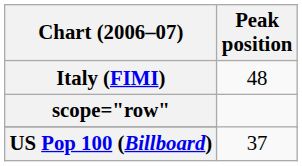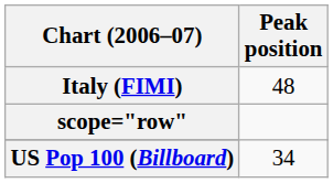 <table class="wikitable sortable plainrowheaders" style="text-align:center">
 <tr>
 <th scope="col">Chart (2006–07)</th>
 <th scope="col">Peak<br>position</th>
 </tr>
 <tr>
 <th scope="row">Italy (<a href='#'>FIMI</a>)</th>
 <td align="center">48</td>
 </tr>
 <tr>
 <th>scope="row" </th>
 </tr>
 <tr>
 </tr>
 <tr>
 <th scope="row">US <a href='#'>Pop 100</a> (<a href='#'><em>Billboard</em></a>)</th>
-<td align="center">37</td>
+<td align="center">34</td>
 </tr>
 </table>
